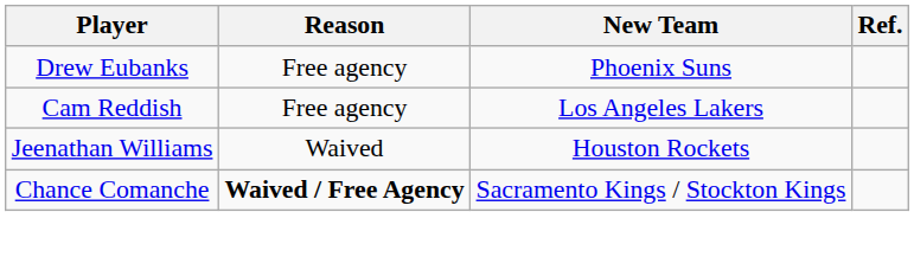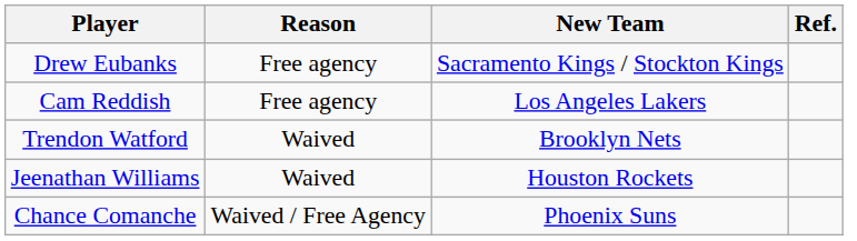 <table class="wikitable sortable sortable" style="text-align: center">
 <tr>
 <th>Player</th>
 <th>Reason</th>
 <th>New Team</th>
 <th>Ref.</th>
 </tr>
 <tr>
 <td><a href='#'>Drew Eubanks</a></td>
 <td>Free agency</td>
-<td><a href='#'>Phoenix Suns</a></td>
+<td><a href='#'>Sacramento Kings</a> / <a href='#'>Stockton Kings</a></td>
 <td></td>
 </tr>
 <tr>
 <td><a href='#'>Cam Reddish</a></td>
 <td>Free agency</td>
 <td><a href='#'>Los Angeles Lakers</a></td>
+<td></td>
+</tr>
+<tr>
+<td><a href='#'>Trendon Watford</a></td>
+<td>Waived</td>
+<td><a href='#'>Brooklyn Nets</a></td>
 <td></td>
 </tr>
 <tr>
 <td><a href='#'>Jeenathan Williams</a></td>
 <td>Waived</td>
 <td><a href='#'>Houston Rockets</a></td>
 <td></td>
 </tr>
 <tr>
 <td><a href='#'>Chance Comanche</a></td>
-<td><strong>Waived / Free Agency</strong></td>
-<td><a href='#'>Sacramento Kings</a> / <a href='#'>Stockton Kings</a></td>
+<td>Waived / Free Agency</td>
+<td><a href='#'>Phoenix Suns</a></td>
 <td></td>
 </tr>
 </table>
